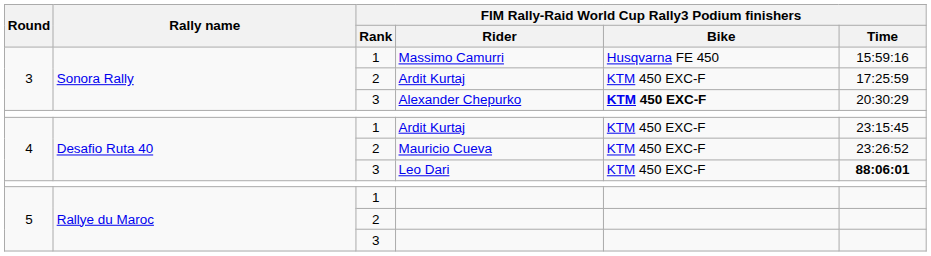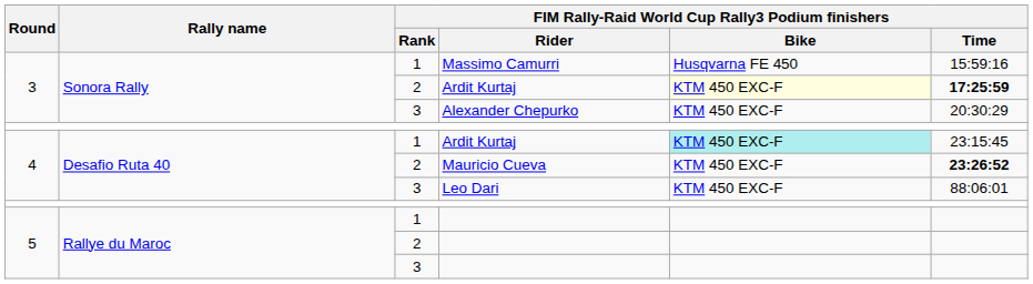 <table class="wikitable" style="font-size:85%;">
 <tr>
 <th rowspan=2>Round</th>
 <th style="width:22em" rowspan=2>Rally name</th>
 <th colspan=4>FIM Rally-Raid World Cup Rally3 Podium finishers</th>
 </tr>
 <tr>
 <th>Rank</th>
 <th style="width:15em">Rider</th>
 <th style="width:17em">Bike</th>
 <th style="width:6em">Time</th>
 </tr>
 <tr>
 <td rowspan=3 align=center>3</td>
 <td rowspan=3> <a href='#'>Sonora Rally</a></td>
 <td align=center>1</td>
 <td> <a href='#'>Massimo Camurri</a></td>
 <td><a href='#'>Husqvarna</a> FE 450</td>
 <td align=center>15:59:16</td>
 </tr>
 <tr>
 <td align=center>2</td>
 <td> <a href='#'>Ardit Kurtaj</a></td>
-<td><a href='#'>KTM</a> 450 EXC-F</td>
-<td align=center>17:25:59</td>
+<td style="background: lightyellow;"><a href='#'>KTM</a> 450 EXC-F</td>
+<td align=center><strong>17:25:59</strong></td>
 </tr>
 <tr>
 <td align=center>3</td>
 <td> <a href='#'>Alexander Chepurko</a></td>
-<td><strong><a href='#'>KTM</a> 450 EXC-F</strong></td>
+<td><a href='#'>KTM</a> 450 EXC-F</td>
 <td align=center>20:30:29</td>
 </tr>
 <tr style="background:white;">
 <td colspan=6></td>
 </tr>
 <tr>
 <td rowspan="3" align="center">4</td>
 <td rowspan="3"> <a href='#'>Desafio Ruta 40</a></td>
 <td align=center>1</td>
 <td> <a href='#'>Ardit Kurtaj</a></td>
-<td><a href='#'>KTM</a> 450 EXC-F</td>
+<td style="background: paleturquoise;"><a href='#'>KTM</a> 450 EXC-F</td>
 <td align=center>23:15:45</td>
 </tr>
 <tr>
 <td align=center>2</td>
 <td> <a href='#'>Mauricio Cueva</a></td>
 <td><a href='#'>KTM</a> 450 EXC-F</td>
-<td align=center>23:26:52</td>
+<td align=center><strong>23:26:52</strong></td>
 </tr>
 <tr>
 <td align=center>3</td>
 <td> <a href='#'>Leo Dari</a></td>
 <td><a href='#'>KTM</a> 450 EXC-F</td>
-<td align=center><strong>88:06:01</strong></td>
+<td align=center>88:06:01</td>
 </tr>
 <tr style="background:white;">
 <td colspan=6></td>
 </tr>
 <tr>
 <td rowspan="3" align="center">5</td>
 <td rowspan=3> <a href='#'>Rallye du Maroc</a></td>
 <td align=center>1</td>
 <td></td>
 <td></td>
 <td align=center></td>
 </tr>
 <tr>
 <td align=center>2</td>
 <td></td>
 <td></td>
 <td align=center></td>
 </tr>
 <tr>
 <td align=center>3</td>
 <td></td>
 <td></td>
 <td align=center></td>
 </tr>
 </table>
